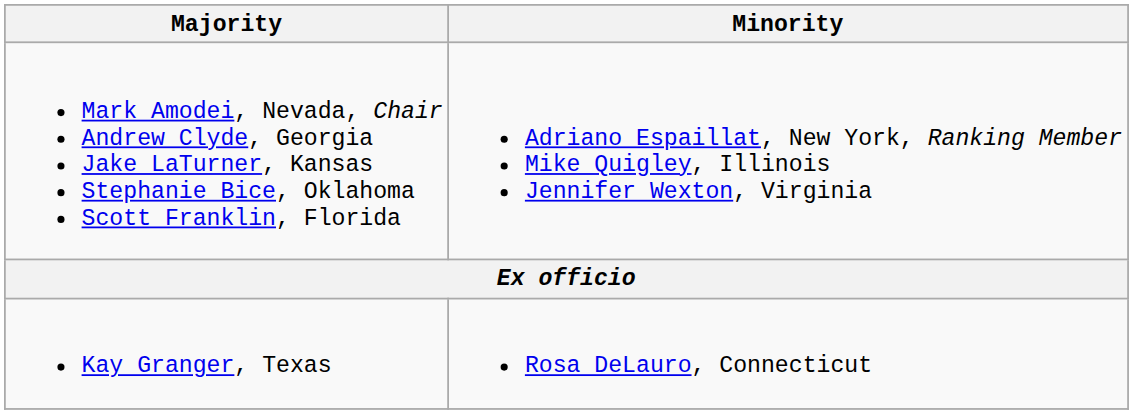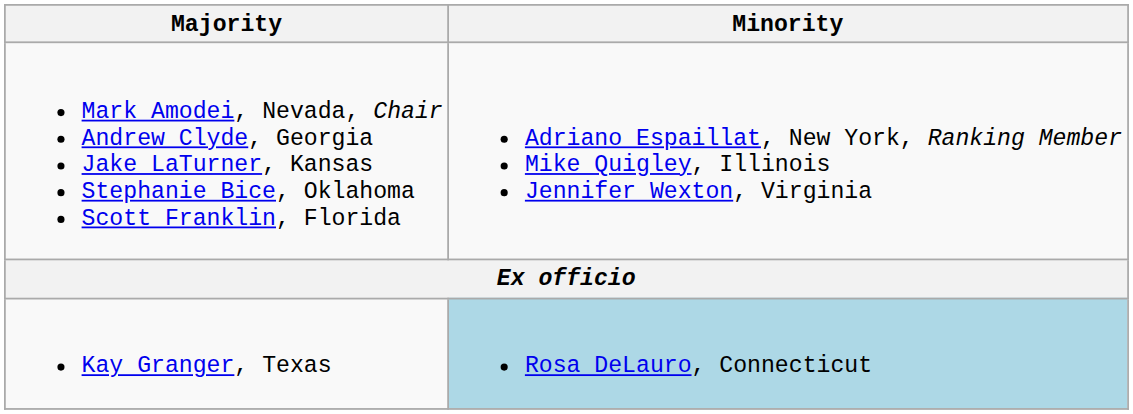 <table class=wikitable>
 <tr>
 <th>Majority</th>
 <th>Minority</th>
 </tr>
 <tr>
 <td><br><ul><li><a href='#'>Mark Amodei</a>, Nevada, <em>Chair</em></li><li><a href='#'>Andrew Clyde</a>, Georgia</li><li><a href='#'>Jake LaTurner</a>, Kansas</li><li><a href='#'>Stephanie Bice</a>, Oklahoma</li><li><a href='#'>Scott Franklin</a>, Florida</li></ul></td>
 <td><br><ul><li><a href='#'>Adriano Espaillat</a>, New York, <em>Ranking Member</em></li><li><a href='#'>Mike Quigley</a>, Illinois</li><li><a href='#'>Jennifer Wexton</a>, Virginia</li></ul></td>
 </tr>
 <tr>
 <th colspan=2><em>Ex officio</em></th>
 </tr>
 <tr>
 <td><br><ul><li><a href='#'>Kay Granger</a>, Texas</li></ul></td>
-<td><br><ul><li><a href='#'>Rosa DeLauro</a>, Connecticut</li></ul></td>
+<td style="background: lightblue;"><br><ul><li><a href='#'>Rosa DeLauro</a>, Connecticut</li></ul></td>
 </tr>
 </table>
